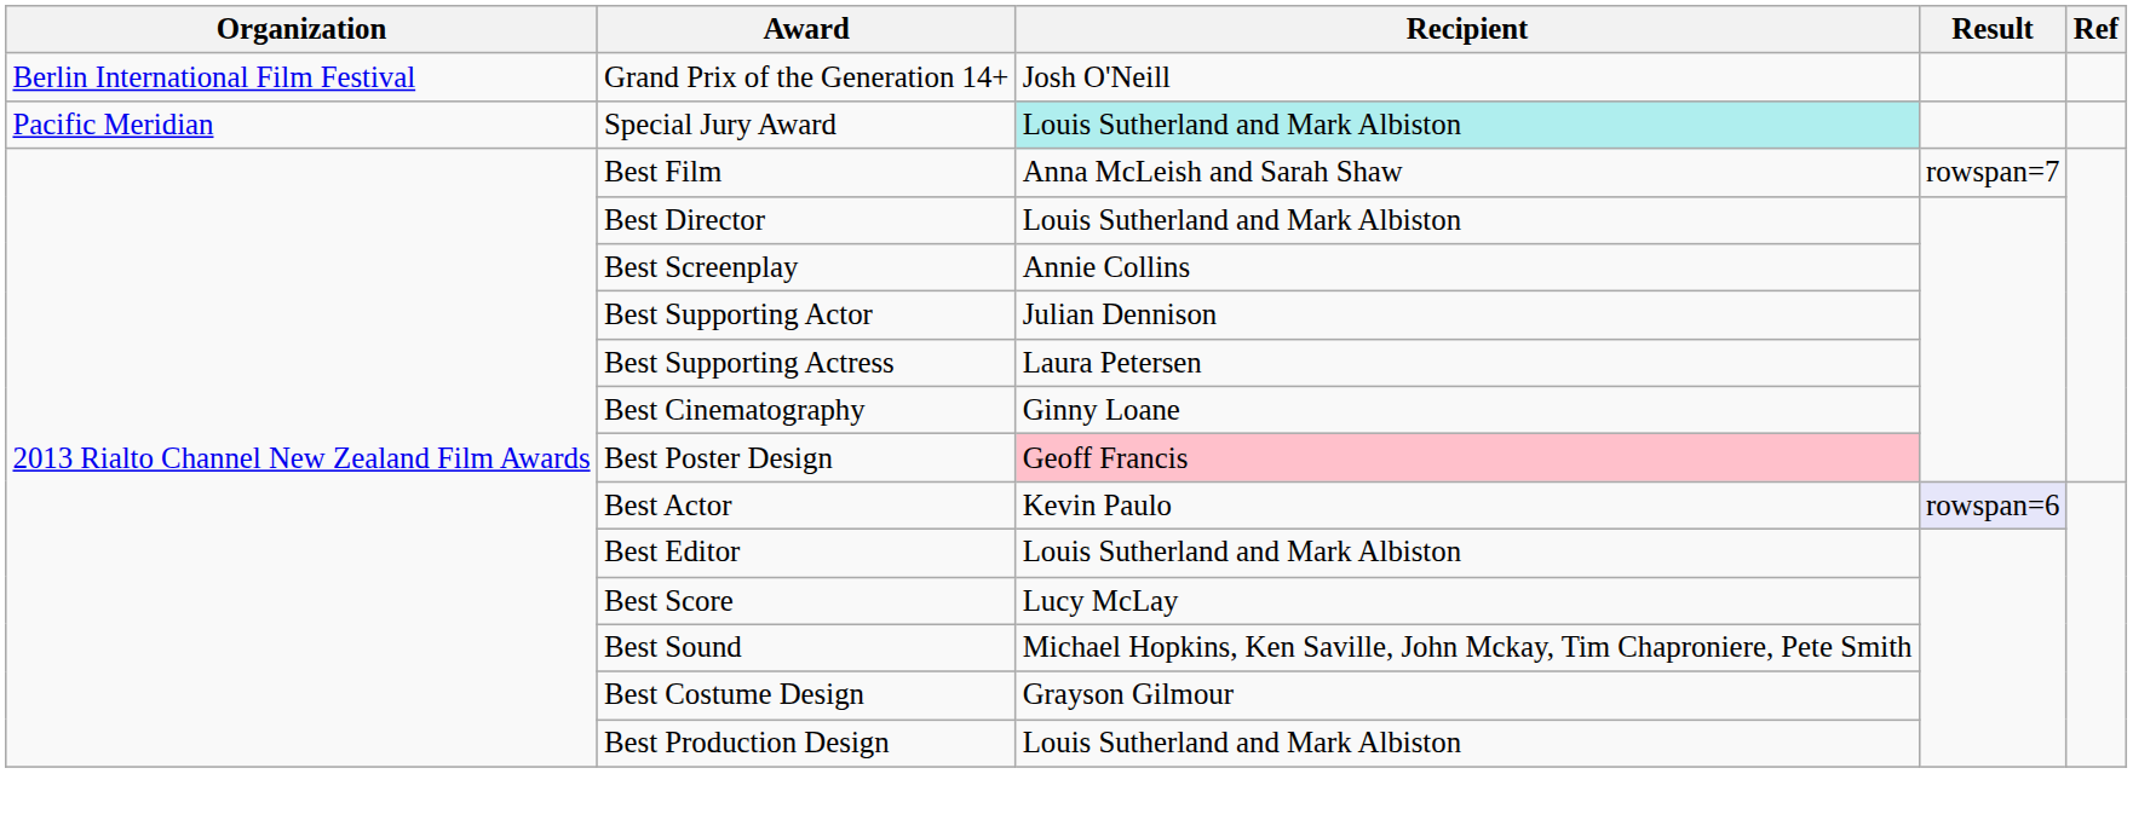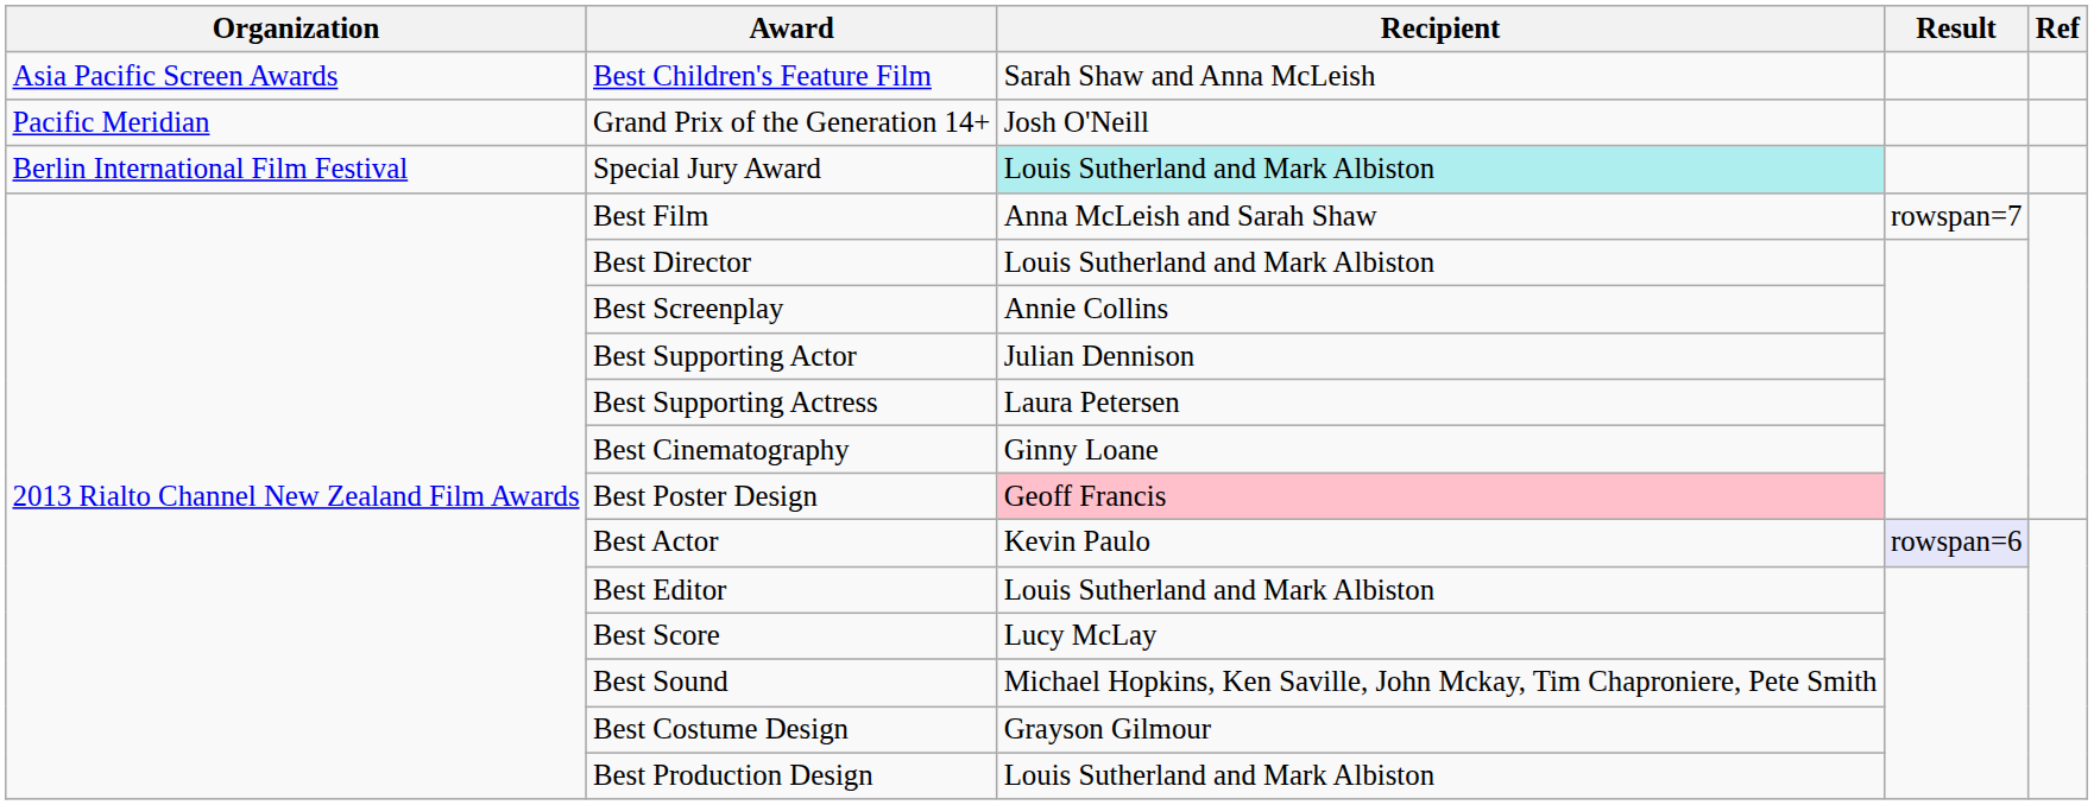 <table class="wikitable">
 <tr>
 <th>Organization</th>
 <th>Award</th>
 <th>Recipient</th>
 <th>Result</th>
 <th>Ref</th>
 </tr>
 <tr>
-<td><a href='#'>Berlin International Film Festival</a></td>
+<td><a href='#'>Asia Pacific Screen Awards</a></td>
+<td><a href='#'>Best Children's Feature Film</a></td>
+<td>Sarah Shaw and Anna McLeish</td>
+<td></td>
+<td></td>
+</tr>
+<tr>
+<td><a href='#'>Pacific Meridian</a></td>
 <td>Grand Prix of the Generation 14+</td>
 <td>Josh O'Neill</td>
 <td></td>
 <td></td>
 </tr>
 <tr>
-<td><a href='#'>Pacific Meridian</a></td>
+<td><a href='#'>Berlin International Film Festival</a></td>
 <td>Special Jury Award</td>
 <td style="background: paleturquoise;">Louis Sutherland and Mark Albiston</td>
 <td></td>
 <td></td>
 </tr>
 <tr>
 <td rowspan=13><a href='#'>2013 Rialto Channel New Zealand Film Awards</a></td>
 <td>Best Film</td>
 <td>Anna McLeish and Sarah Shaw</td>
 <td>rowspan=7 </td>
 <td rowspan=7></td>
 </tr>
 <tr>
 <td>Best Director</td>
 <td>Louis Sutherland and Mark Albiston</td>
 </tr>
 <tr>
 <td>Best Screenplay</td>
 <td>Annie Collins</td>
 </tr>
 <tr>
 <td>Best Supporting Actor</td>
 <td>Julian Dennison</td>
 </tr>
 <tr>
 <td>Best Supporting Actress</td>
 <td>Laura Petersen</td>
 </tr>
 <tr>
 <td>Best Cinematography</td>
 <td>Ginny Loane</td>
 </tr>
 <tr>
 <td>Best Poster Design</td>
 <td style="background: pink;">Geoff Francis</td>
 </tr>
 <tr>
 <td>Best Actor</td>
 <td>Kevin Paulo</td>
 <td style="background: lavender;">rowspan=6 </td>
 <td rowspan=6></td>
 </tr>
 <tr>
 <td>Best Editor</td>
 <td>Louis Sutherland and Mark Albiston</td>
 </tr>
 <tr>
 <td>Best Score</td>
 <td>Lucy McLay</td>
 </tr>
 <tr>
 <td>Best Sound</td>
 <td>Michael Hopkins, Ken Saville, John Mckay, Tim Chaproniere, Pete Smith</td>
 </tr>
 <tr>
 <td>Best Costume Design</td>
 <td>Grayson Gilmour</td>
 </tr>
 <tr>
 <td>Best Production Design</td>
 <td>Louis Sutherland and Mark Albiston</td>
 </tr>
 </table>
